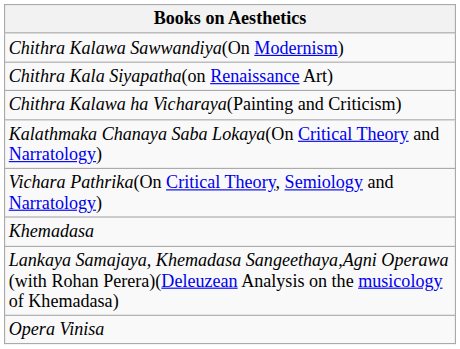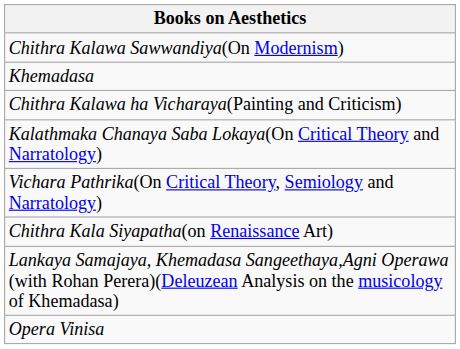 <table class="wikitable" border="1" width=400px>
 <tr>
 <th>Books on Aesthetics</th>
 </tr>
 <tr>
 <td><em>Chithra Kalawa Sawwandiya</em>(On <a href='#'>Modernism</a>)</td>
 </tr>
 <tr>
-<td><em>Chithra Kala Siyapatha</em>(on <a href='#'>Renaissance</a> Art)</td>
+<td><em>Khemadasa</em></td>
 </tr>
 <tr>
 <td><em>Chithra Kalawa ha Vicharaya</em>(Painting and Criticism)</td>
 </tr>
 <tr>
 <td><em>Kalathmaka Chanaya Saba Lokaya</em>(On <a href='#'>Critical Theory</a> and <a href='#'>Narratology</a>)</td>
 </tr>
 <tr>
 <td><em>Vichara Pathrika</em>(On <a href='#'>Critical Theory</a>, <a href='#'>Semiology</a> and <a href='#'>Narratology</a>)</td>
 </tr>
 <tr>
-<td><em>Khemadasa</em></td>
+<td><em>Chithra Kala Siyapatha</em>(on <a href='#'>Renaissance</a> Art)</td>
 </tr>
 <tr>
 <td><em>Lankaya Samajaya, Khemadasa Sangeethaya,Agni Operawa</em> (with Rohan Perera)(<a href='#'>Deleuzean</a> Analysis on the <a href='#'>musicology</a> of Khemadasa)</td>
 </tr>
 <tr>
 <td><em>Opera Vinisa</em></td>
 </tr>
 </table>
